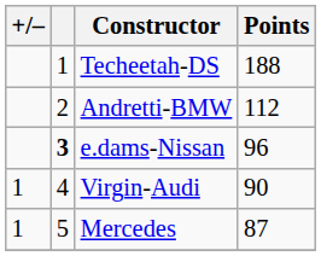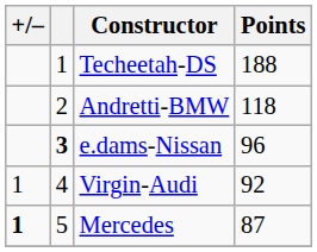 <table class="wikitable" style="font-size: 85%">
 <tr>
 <th scope="col">+/–</th>
 <th scope="col"></th>
 <th scope="col">Constructor</th>
 <th scope="col">Points</th>
 </tr>
 <tr>
 <td align="left"></td>
 <td align="center">1</td>
 <td> <a href='#'>Techeetah</a>-<a href='#'>DS</a></td>
 <td align="left">188</td>
 </tr>
 <tr>
 <td align="left"></td>
 <td align="center">2</td>
 <td> <a href='#'>Andretti</a>-<a href='#'>BMW</a></td>
-<td align="left">112</td>
+<td align="left">118</td>
 </tr>
 <tr>
 <td align="left"></td>
 <td align="center"><strong>3</strong></td>
 <td> <a href='#'>e.dams</a>-<a href='#'>Nissan</a></td>
 <td align="left">96</td>
 </tr>
 <tr>
 <td align="left"> 1</td>
 <td align="center">4</td>
 <td> <a href='#'>Virgin</a>-<a href='#'>Audi</a></td>
-<td align="left">90</td>
+<td align="left">92</td>
 </tr>
 <tr>
-<td align="left"> 1</td>
+<td align="left"><strong> 1</strong></td>
 <td align="center">5</td>
 <td> <a href='#'>Mercedes</a></td>
 <td align="left">87</td>
 </tr>
 <tr>
 </tr>
 </table>
